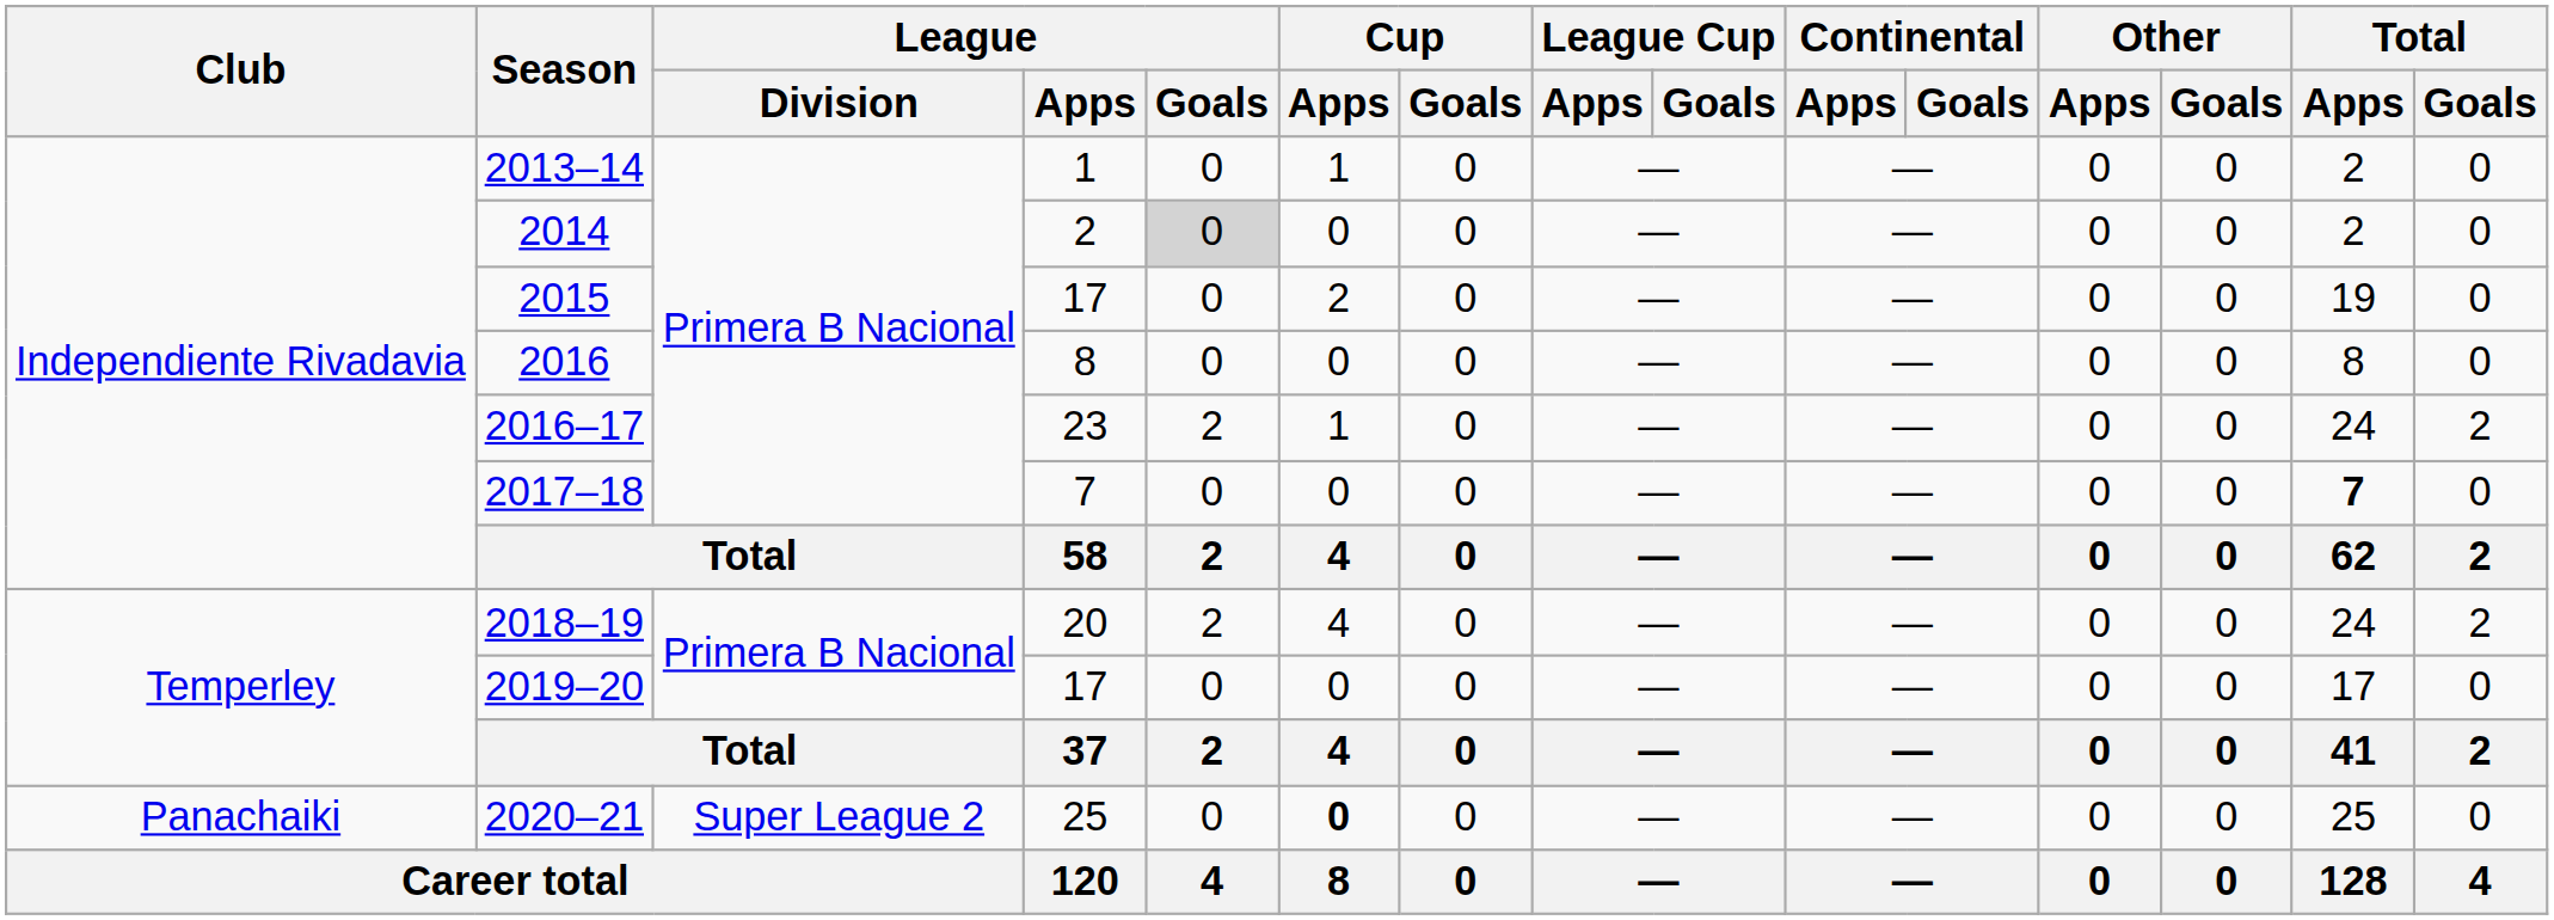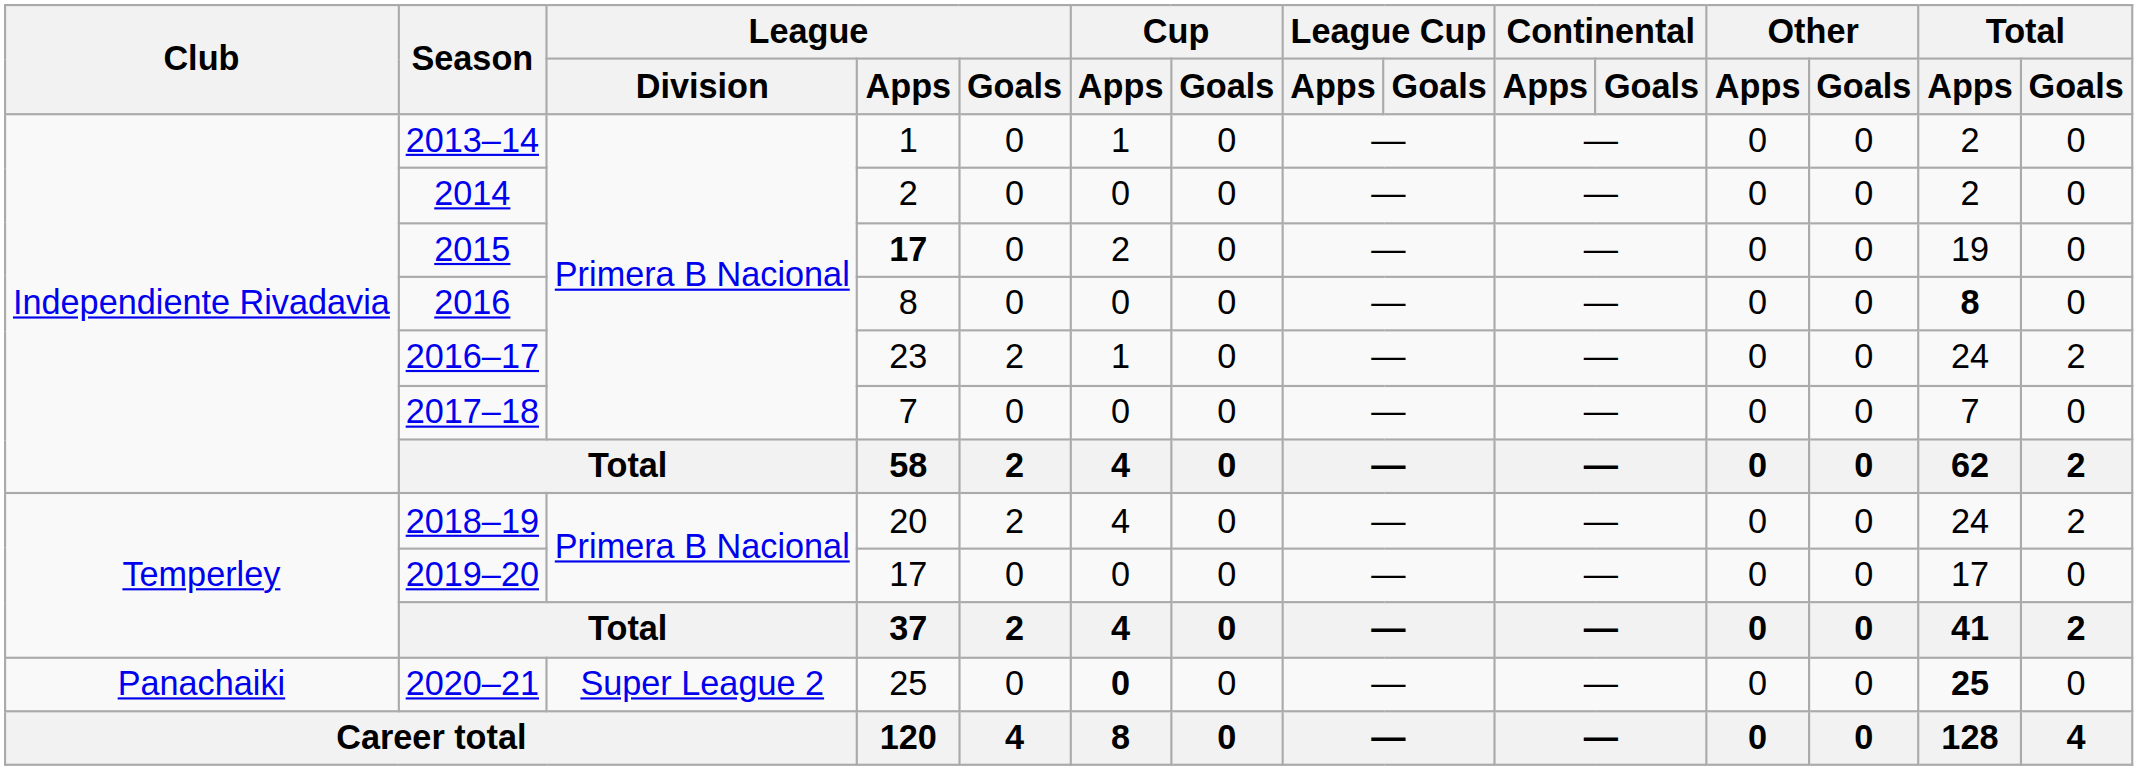 <table class="wikitable" style="text-align:center">
 <tr>
 <th rowspan="2">Club</th>
 <th rowspan="2">Season</th>
 <th colspan="3">League</th>
 <th colspan="2">Cup</th>
 <th colspan="2">League Cup</th>
 <th colspan="2">Continental</th>
 <th colspan="2">Other</th>
 <th colspan="2">Total</th>
 </tr>
 <tr>
 <th>Division</th>
 <th>Apps</th>
 <th>Goals</th>
 <th>Apps</th>
 <th>Goals</th>
 <th>Apps</th>
 <th>Goals</th>
 <th>Apps</th>
 <th>Goals</th>
 <th>Apps</th>
 <th>Goals</th>
 <th>Apps</th>
 <th>Goals</th>
 </tr>
 <tr>
 <td rowspan="7"><a href='#'>Independiente Rivadavia</a></td>
 <td><a href='#'>2013–14</a></td>
 <td rowspan="6"><a href='#'>Primera B Nacional</a></td>
 <td>1</td>
 <td>0</td>
 <td>1</td>
 <td>0</td>
 <td colspan="2">—</td>
 <td colspan="2">—</td>
 <td>0</td>
 <td>0</td>
 <td>2</td>
 <td>0</td>
 </tr>
 <tr>
 <td><a href='#'>2014</a></td>
 <td>2</td>
-<td style="background: lightgrey;">0</td>
+<td>0</td>
 <td>0</td>
 <td>0</td>
 <td colspan="2">—</td>
 <td colspan="2">—</td>
 <td>0</td>
 <td>0</td>
 <td>2</td>
 <td>0</td>
 </tr>
 <tr>
 <td><a href='#'>2015</a></td>
-<td>17</td>
+<td><strong>17</strong></td>
 <td>0</td>
 <td>2</td>
 <td>0</td>
 <td colspan="2">—</td>
 <td colspan="2">—</td>
 <td>0</td>
 <td>0</td>
 <td>19</td>
 <td>0</td>
 </tr>
 <tr>
 <td><a href='#'>2016</a></td>
 <td>8</td>
 <td>0</td>
 <td>0</td>
 <td>0</td>
 <td colspan="2">—</td>
 <td colspan="2">—</td>
 <td>0</td>
 <td>0</td>
-<td>8</td>
+<td><strong>8</strong></td>
 <td>0</td>
 </tr>
 <tr>
 <td><a href='#'>2016–17</a></td>
 <td>23</td>
 <td>2</td>
 <td>1</td>
 <td>0</td>
 <td colspan="2">—</td>
 <td colspan="2">—</td>
 <td>0</td>
 <td>0</td>
 <td>24</td>
 <td>2</td>
 </tr>
 <tr>
 <td><a href='#'>2017–18</a></td>
 <td>7</td>
 <td>0</td>
 <td>0</td>
 <td>0</td>
 <td colspan="2">—</td>
 <td colspan="2">—</td>
 <td>0</td>
 <td>0</td>
-<td><strong>7</strong></td>
+<td>7</td>
 <td>0</td>
 </tr>
 <tr>
 <th colspan="2">Total</th>
 <th>58</th>
 <th>2</th>
 <th>4</th>
 <th>0</th>
 <th colspan="2">—</th>
 <th colspan="2">—</th>
 <th>0</th>
 <th>0</th>
 <th>62</th>
 <th>2</th>
 </tr>
 <tr>
 <td rowspan="3"><a href='#'>Temperley</a></td>
 <td><a href='#'>2018–19</a></td>
 <td rowspan="2"><a href='#'>Primera B Nacional</a></td>
 <td>20</td>
 <td>2</td>
 <td>4</td>
 <td>0</td>
 <td colspan="2">—</td>
 <td colspan="2">—</td>
 <td>0</td>
 <td>0</td>
 <td>24</td>
 <td>2</td>
 </tr>
 <tr>
 <td><a href='#'>2019–20</a></td>
 <td>17</td>
 <td>0</td>
 <td>0</td>
 <td>0</td>
 <td colspan="2">—</td>
 <td colspan="2">—</td>
 <td>0</td>
 <td>0</td>
 <td>17</td>
 <td>0</td>
 </tr>
 <tr>
 <th colspan="2">Total</th>
 <th>37</th>
 <th>2</th>
 <th>4</th>
 <th>0</th>
 <th colspan="2">—</th>
 <th colspan="2">—</th>
 <th>0</th>
 <th>0</th>
 <th>41</th>
 <th>2</th>
 </tr>
 <tr>
 <td rowspan="1"><a href='#'>Panachaiki</a></td>
 <td><a href='#'>2020–21</a></td>
 <td rowspan="1"><a href='#'>Super League 2</a></td>
 <td>25</td>
 <td>0</td>
 <td><strong>0</strong></td>
 <td>0</td>
 <td colspan="2">—</td>
 <td colspan="2">—</td>
 <td>0</td>
 <td>0</td>
-<td>25</td>
+<td><strong>25</strong></td>
 <td>0</td>
 </tr>
 <tr>
 <th colspan="3">Career total</th>
 <th>120</th>
 <th>4</th>
 <th>8</th>
 <th>0</th>
 <th colspan="2">—</th>
 <th colspan="2">—</th>
 <th>0</th>
 <th>0</th>
 <th>128</th>
 <th>4</th>
 </tr>
 </table>
